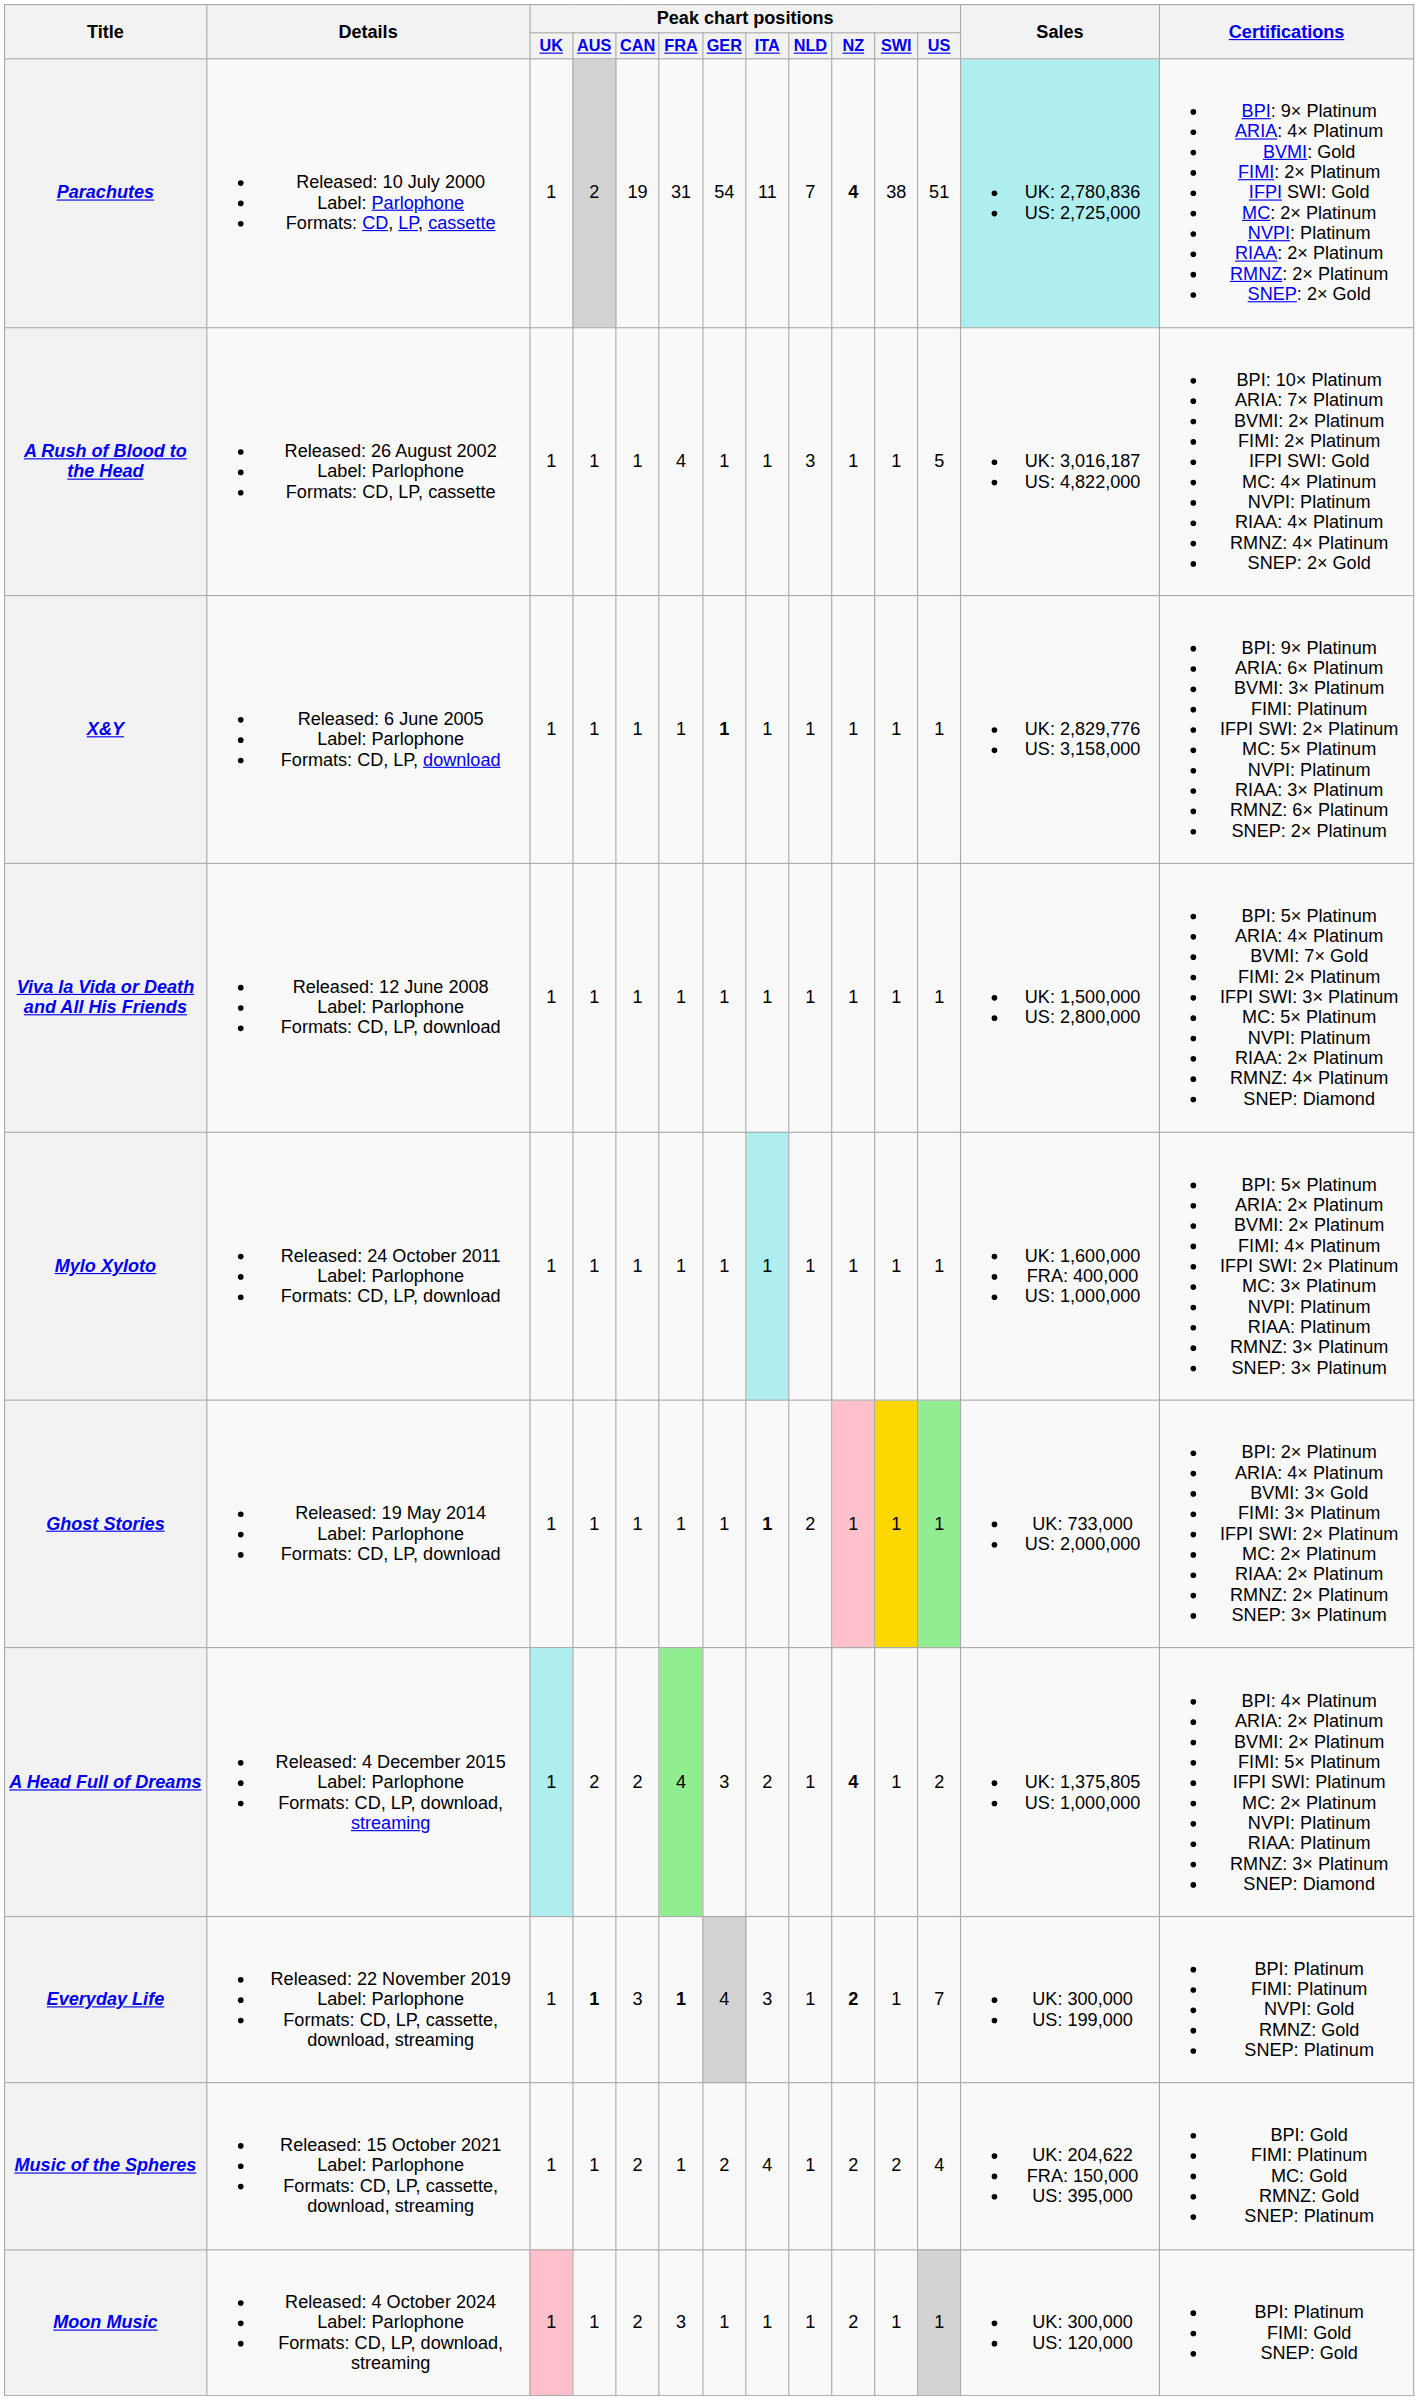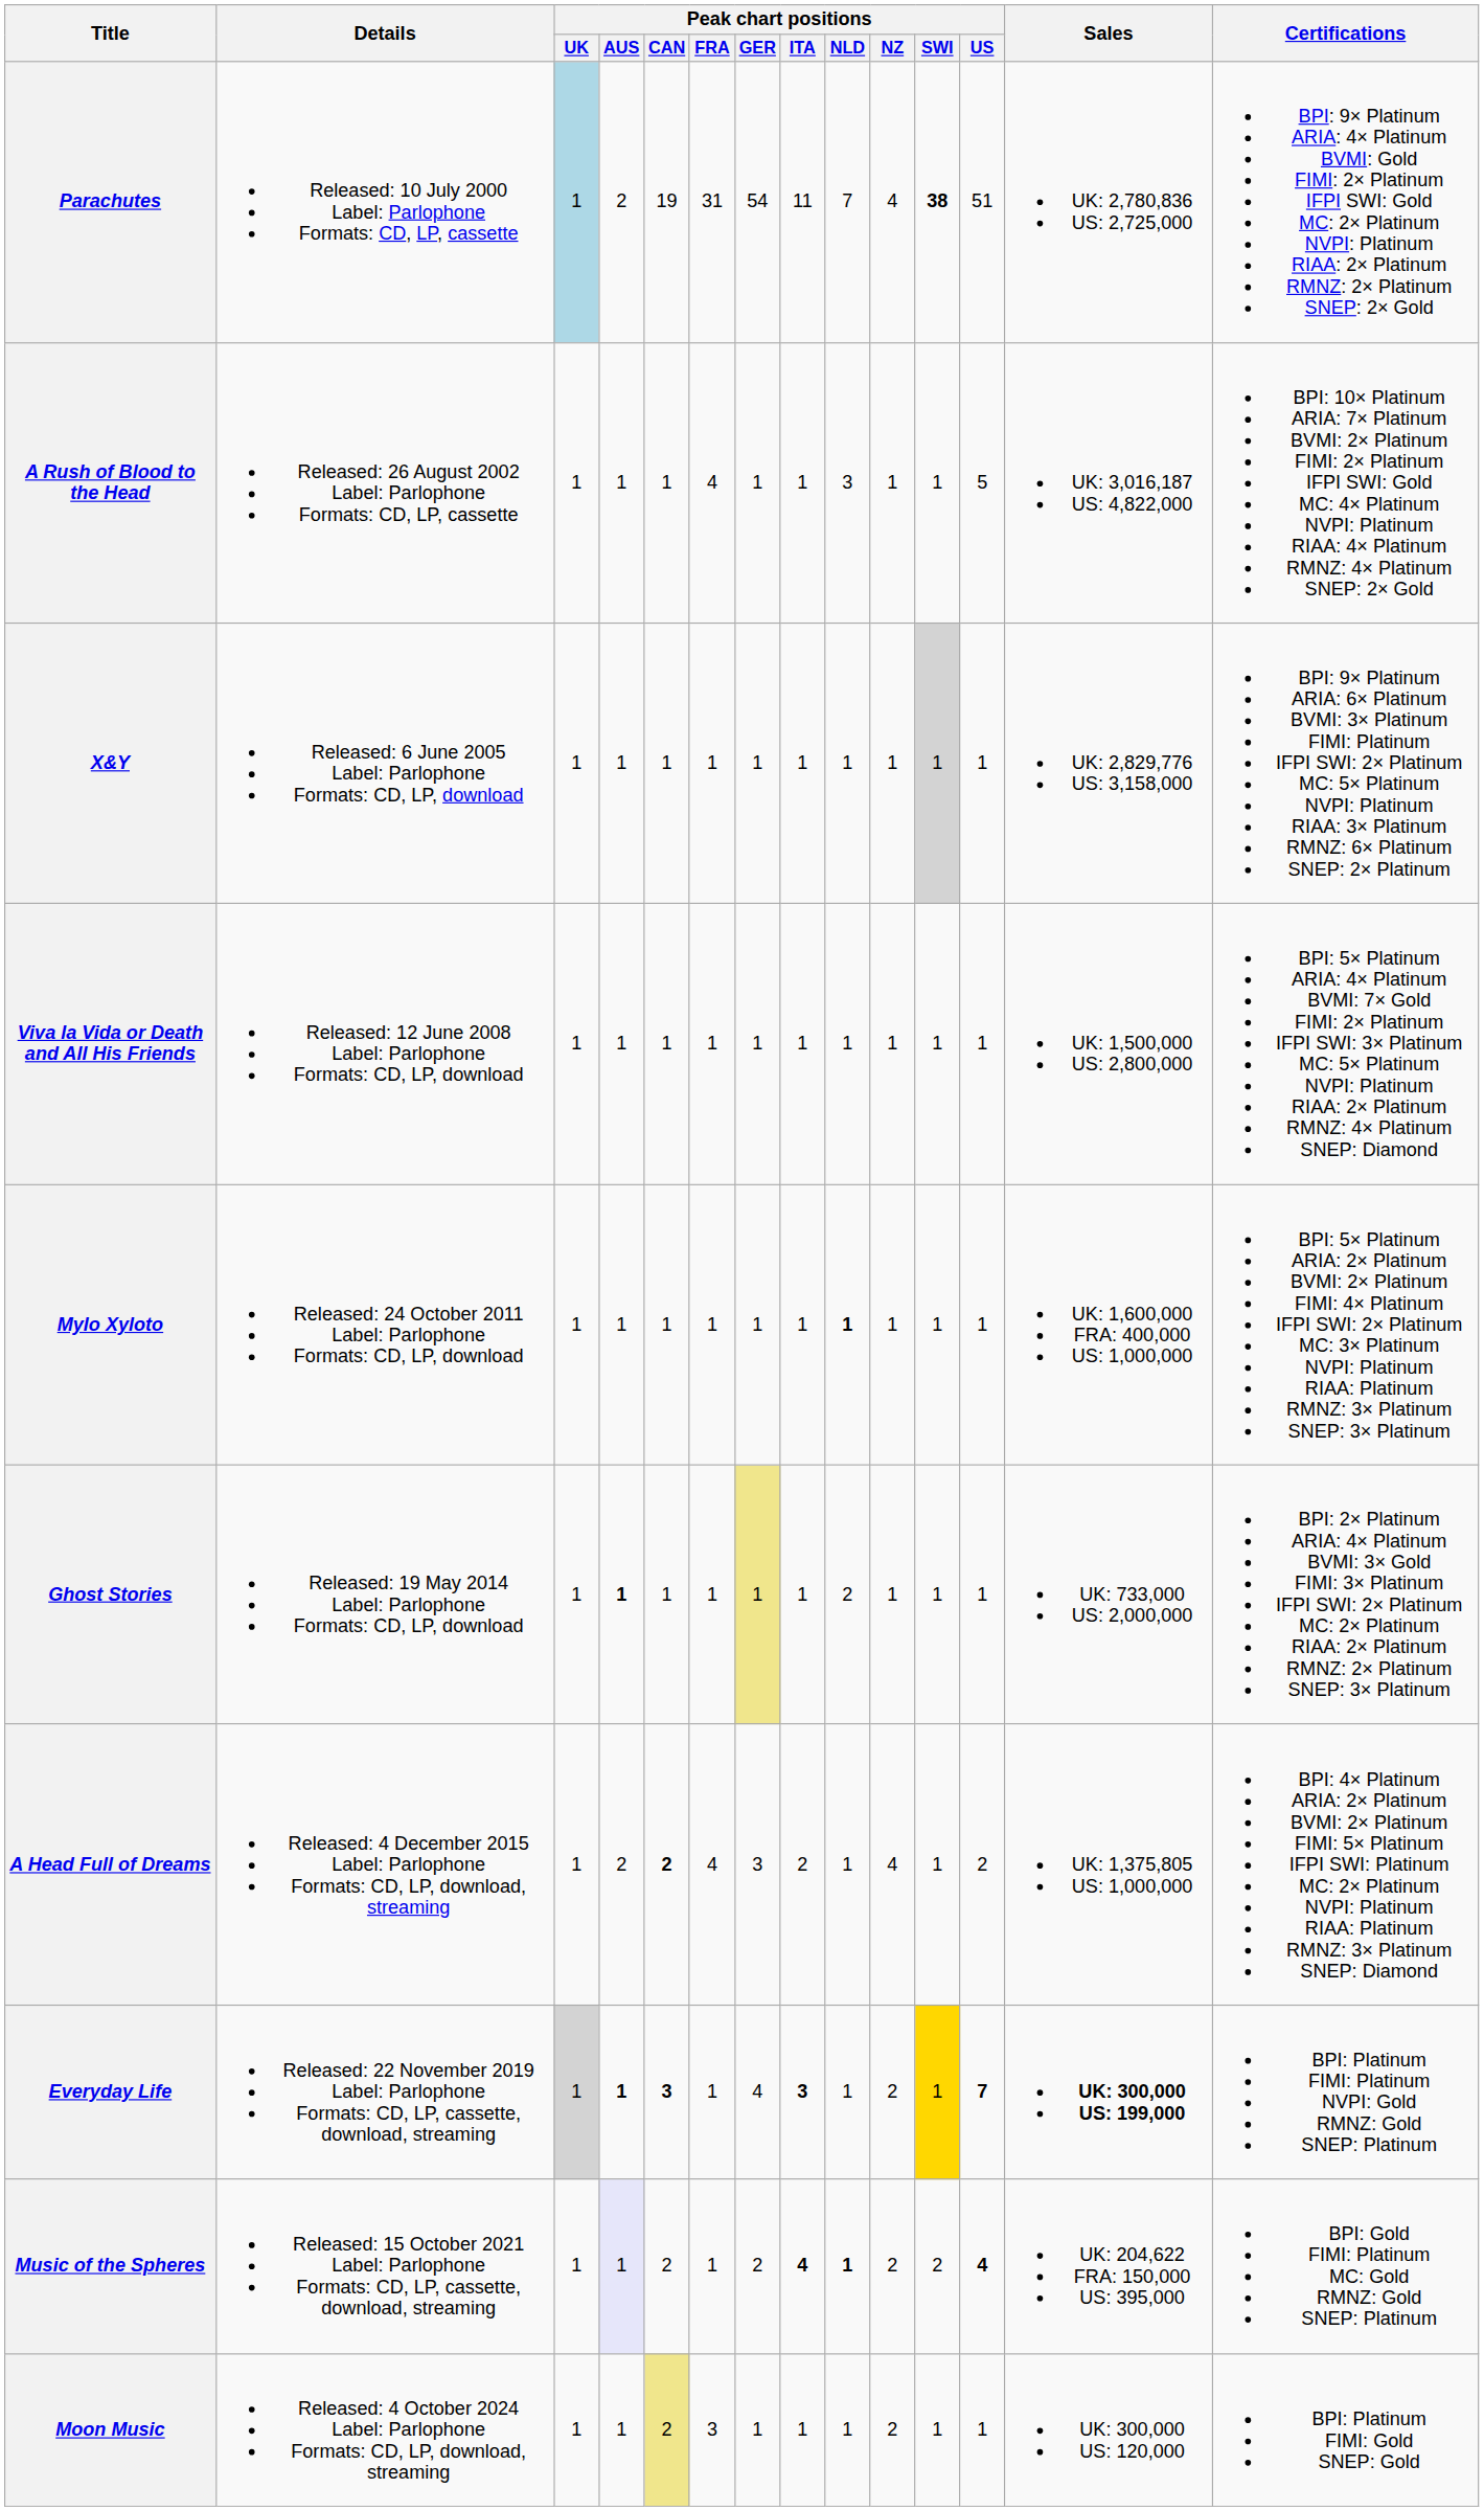 <table class="wikitable plainrowheaders" style="text-align:center;">
 <tr>
 <th scope="col" rowspan="2" style="width:11em;">Title</th>
 <th scope="col" rowspan="2" style="width:18em;">Details</th>
 <th scope="col" colspan="10">Peak chart positions</th>
 <th scope="col" rowspan="2" style="width:10.75em;">Sales</th>
 <th scope="col" rowspan="2" style="width:14em;"><a href='#'>Certifications</a></th>
 </tr>
 <tr>
 <th scope="col" style="width:2.2em; font-size:90%;"><a href='#'>UK</a><br></th>
 <th scope="col" style="width:2.2em; font-size:90%;"><a href='#'>AUS</a><br></th>
 <th scope="col" style="width:2.2em; font-size:90%;"><a href='#'>CAN</a><br></th>
 <th scope="col" style="width:2.2em; font-size:90%;"><a href='#'>FRA</a><br></th>
 <th scope="col" style="width:2.2em; font-size:90%;"><a href='#'>GER</a><br></th>
 <th scope="col" style="width:2.2em; font-size:90%;"><a href='#'>ITA</a><br></th>
 <th scope="col" style="width:2.2em; font-size:90%;"><a href='#'>NLD</a><br></th>
 <th scope="col" style="width:2.2em; font-size:90%;"><a href='#'>NZ</a><br></th>
 <th scope="col" style="width:2.2em; font-size:90%;"><a href='#'>SWI</a><br></th>
 <th scope="col" style="width:2.2em; font-size:90%;"><a href='#'>US</a><br></th>
 </tr>
 <tr>
 <th scope="row"><em><a href='#'>Parachutes</a></em></th>
 <td><br><ul><li>Released: 10 July 2000</li><li>Label: <a href='#'>Parlophone</a></li><li>Formats: <a href='#'>CD</a>, <a href='#'>LP</a>, <a href='#'>cassette</a></li></ul></td>
-<td>1</td>
-<td style="background: lightgrey;">2</td>
+<td style="background: lightblue;">1</td>
+<td>2</td>
 <td>19</td>
 <td>31</td>
 <td>54</td>
 <td>11</td>
 <td>7</td>
-<td><strong>4</strong></td>
-<td>38</td>
+<td>4</td>
+<td><strong>38</strong></td>
 <td>51</td>
-<td style="background: paleturquoise;"><br><ul><li>UK: 2,780,836</li><li>US: 2,725,000</li></ul></td>
+<td><br><ul><li>UK: 2,780,836</li><li>US: 2,725,000</li></ul></td>
 <td><br><ul><li><a href='#'>BPI</a>: 9× Platinum</li><li><a href='#'>ARIA</a>: 4× Platinum</li><li><a href='#'>BVMI</a>: Gold</li><li><a href='#'>FIMI</a>: 2× Platinum</li><li><a href='#'>IFPI</a> SWI: Gold</li><li><a href='#'>MC</a>: 2× Platinum</li><li><a href='#'>NVPI</a>: Platinum</li><li><a href='#'>RIAA</a>: 2× Platinum</li><li><a href='#'>RMNZ</a>: 2× Platinum</li><li><a href='#'>SNEP</a>: 2× Gold</li></ul></td>
 </tr>
 <tr>
 <th scope="row"><em><a href='#'>A Rush of Blood to the Head</a></em></th>
 <td><br><ul><li>Released: 26 August 2002</li><li>Label: Parlophone</li><li>Formats: CD, LP, cassette</li></ul></td>
 <td>1</td>
 <td>1</td>
 <td>1</td>
 <td>4</td>
 <td>1</td>
 <td>1</td>
 <td>3</td>
 <td>1</td>
 <td>1</td>
 <td>5</td>
 <td><br><ul><li>UK: 3,016,187</li><li>US: 4,822,000</li></ul></td>
 <td><br><ul><li>BPI: 10× Platinum</li><li>ARIA: 7× Platinum</li><li>BVMI: 2× Platinum</li><li>FIMI: 2× Platinum</li><li>IFPI SWI: Gold</li><li>MC: 4× Platinum</li><li>NVPI: Platinum</li><li>RIAA: 4× Platinum</li><li>RMNZ: 4× Platinum</li><li>SNEP: 2× Gold</li></ul></td>
 </tr>
 <tr>
 <th scope="row"><em><a href='#'>X&Y</a></em></th>
 <td><br><ul><li>Released: 6 June 2005</li><li>Label: Parlophone</li><li>Formats: CD, LP, <a href='#'>download</a></li></ul></td>
 <td>1</td>
 <td>1</td>
 <td>1</td>
 <td>1</td>
-<td><strong>1</strong></td>
 <td>1</td>
 <td>1</td>
 <td>1</td>
 <td>1</td>
+<td style="background: lightgrey;">1</td>
 <td>1</td>
 <td><br><ul><li>UK: 2,829,776</li><li>US: 3,158,000</li></ul></td>
 <td><br><ul><li>BPI: 9× Platinum</li><li>ARIA: 6× Platinum</li><li>BVMI: 3× Platinum</li><li>FIMI: Platinum</li><li>IFPI SWI: 2× Platinum</li><li>MC: 5× Platinum</li><li>NVPI: Platinum</li><li>RIAA: 3× Platinum</li><li>RMNZ: 6× Platinum</li><li>SNEP: 2× Platinum</li></ul></td>
 </tr>
 <tr>
 <th scope="row"><em><a href='#'>Viva la Vida or Death and All His Friends</a></em></th>
 <td><br><ul><li>Released: 12 June 2008</li><li>Label: Parlophone</li><li>Formats: CD, LP, download</li></ul></td>
 <td>1</td>
 <td>1</td>
 <td>1</td>
 <td>1</td>
 <td>1</td>
 <td>1</td>
 <td>1</td>
 <td>1</td>
 <td>1</td>
 <td>1</td>
 <td><br><ul><li>UK: 1,500,000</li><li>US: 2,800,000</li></ul></td>
 <td><br><ul><li>BPI: 5× Platinum</li><li>ARIA: 4× Platinum</li><li>BVMI: 7× Gold</li><li>FIMI: 2× Platinum</li><li>IFPI SWI: 3× Platinum</li><li>MC: 5× Platinum</li><li>NVPI: Platinum</li><li>RIAA: 2× Platinum</li><li>RMNZ: 4× Platinum</li><li>SNEP: Diamond</li></ul></td>
 </tr>
 <tr>
 <th scope="row"><em><a href='#'>Mylo Xyloto</a></em></th>
 <td><br><ul><li>Released: 24 October 2011</li><li>Label: Parlophone</li><li>Formats: CD, LP, download</li></ul></td>
 <td>1</td>
 <td>1</td>
 <td>1</td>
 <td>1</td>
 <td>1</td>
-<td style="background: paleturquoise;">1</td>
 <td>1</td>
+<td><strong>1</strong></td>
 <td>1</td>
 <td>1</td>
 <td>1</td>
 <td><br><ul><li>UK: 1,600,000</li><li>FRA: 400,000</li><li>US: 1,000,000</li></ul></td>
 <td><br><ul><li>BPI: 5× Platinum</li><li>ARIA: 2× Platinum</li><li>BVMI: 2× Platinum</li><li>FIMI: 4× Platinum</li><li>IFPI SWI: 2× Platinum</li><li>MC: 3× Platinum</li><li>NVPI: Platinum</li><li>RIAA: Platinum</li><li>RMNZ: 3× Platinum</li><li>SNEP: 3× Platinum</li></ul></td>
 </tr>
 <tr>
 <th scope="row"><em><a href='#'>Ghost Stories</a></em></th>
 <td><br><ul><li>Released: 19 May 2014</li><li>Label: Parlophone</li><li>Formats: CD, LP, download</li></ul></td>
 <td>1</td>
+<td><strong>1</strong></td>
+<td>1</td>
+<td>1</td>
+<td style="background: khaki;">1</td>
+<td>1</td>
+<td>2</td>
 <td>1</td>
 <td>1</td>
 <td>1</td>
-<td>1</td>
-<td><strong>1</strong></td>
-<td>2</td>
-<td style="background: pink;">1</td>
-<td style="background: gold;">1</td>
-<td style="background: lightgreen;">1</td>
 <td><br><ul><li>UK: 733,000</li><li>US: 2,000,000</li></ul></td>
 <td><br><ul><li>BPI: 2× Platinum</li><li>ARIA: 4× Platinum</li><li>BVMI: 3× Gold</li><li>FIMI: 3× Platinum</li><li>IFPI SWI: 2× Platinum</li><li>MC: 2× Platinum</li><li>RIAA: 2× Platinum</li><li>RMNZ: 2× Platinum</li><li>SNEP: 3× Platinum</li></ul></td>
 </tr>
 <tr>
 <th scope="row"><em><a href='#'>A Head Full of Dreams</a></em></th>
 <td><br><ul><li>Released: 4 December 2015</li><li>Label: Parlophone</li><li>Formats: CD, LP, download, <a href='#'>streaming</a></li></ul></td>
-<td style="background: paleturquoise;">1</td>
+<td>1</td>
 <td>2</td>
-<td>2</td>
-<td style="background: lightgreen;">4</td>
+<td><strong>2</strong></td>
+<td>4</td>
 <td>3</td>
 <td>2</td>
 <td>1</td>
-<td><strong>4</strong></td>
+<td>4</td>
 <td>1</td>
 <td>2</td>
 <td><br><ul><li>UK: 1,375,805</li><li>US: 1,000,000</li></ul></td>
 <td><br><ul><li>BPI: 4× Platinum</li><li>ARIA: 2× Platinum</li><li>BVMI: 2× Platinum</li><li>FIMI: 5× Platinum</li><li>IFPI SWI: Platinum</li><li>MC: 2× Platinum</li><li>NVPI: Platinum</li><li>RIAA: Platinum</li><li>RMNZ: 3× Platinum</li><li>SNEP: Diamond</li></ul></td>
 </tr>
 <tr>
 <th scope="row"><em><a href='#'>Everyday Life</a></em></th>
 <td><br><ul><li>Released: 22 November 2019</li><li>Label: Parlophone</li><li>Formats: CD, LP, cassette, download, streaming</li></ul></td>
+<td style="background: lightgrey;">1</td>
+<td><strong>1</strong></td>
+<td><strong>3</strong></td>
 <td>1</td>
-<td><strong>1</strong></td>
-<td>3</td>
-<td><strong>1</strong></td>
-<td style="background: lightgrey;">4</td>
-<td>3</td>
+<td>4</td>
+<td><strong>3</strong></td>
 <td>1</td>
-<td><strong>2</strong></td>
-<td>1</td>
-<td>7</td>
-<td><br><ul><li>UK: 300,000</li><li>US: 199,000</li></ul></td>
+<td>2</td>
+<td style="background: gold;">1</td>
+<td><strong>7</strong></td>
+<td><strong><br><ul><li>UK: 300,000</li><li>US: 199,000</li></ul></strong></td>
 <td><br><ul><li>BPI: Platinum</li><li>FIMI: Platinum</li><li>NVPI: Gold</li><li>RMNZ: Gold</li><li>SNEP: Platinum</li></ul></td>
 </tr>
 <tr>
 <th scope="row"><em><a href='#'>Music of the Spheres</a></em></th>
 <td><br><ul><li>Released: 15 October 2021</li><li>Label: Parlophone</li><li>Formats: CD, LP, cassette, download, streaming</li></ul></td>
 <td>1</td>
-<td>1</td>
+<td style="background: lavender;">1</td>
 <td>2</td>
 <td>1</td>
 <td>2</td>
-<td>4</td>
-<td>1</td>
+<td><strong>4</strong></td>
+<td><strong>1</strong></td>
 <td>2</td>
 <td>2</td>
-<td>4</td>
+<td><strong>4</strong></td>
 <td><br><ul><li>UK: 204,622</li><li>FRA: 150,000</li><li>US: 395,000</li></ul></td>
 <td><br><ul><li>BPI: Gold</li><li>FIMI: Platinum</li><li>MC: Gold</li><li>RMNZ: Gold</li><li>SNEP: Platinum</li></ul></td>
 </tr>
 <tr>
 <th scope="row"><em><a href='#'>Moon Music</a></em></th>
 <td><br><ul><li>Released: 4 October 2024</li><li>Label: Parlophone</li><li>Formats: CD, LP, download, streaming</li></ul></td>
-<td style="background: pink;">1</td>
 <td>1</td>
-<td>2</td>
+<td>1</td>
+<td style="background: khaki;">2</td>
 <td>3</td>
 <td>1</td>
 <td>1</td>
 <td>1</td>
 <td>2</td>
 <td>1</td>
-<td style="background: lightgrey;">1</td>
+<td>1</td>
 <td><br><ul><li>UK: 300,000</li><li>US: 120,000</li></ul></td>
 <td><br><ul><li>BPI: Platinum</li><li>FIMI: Gold</li><li>SNEP: Gold</li></ul></td>
 </tr>
 </table>
